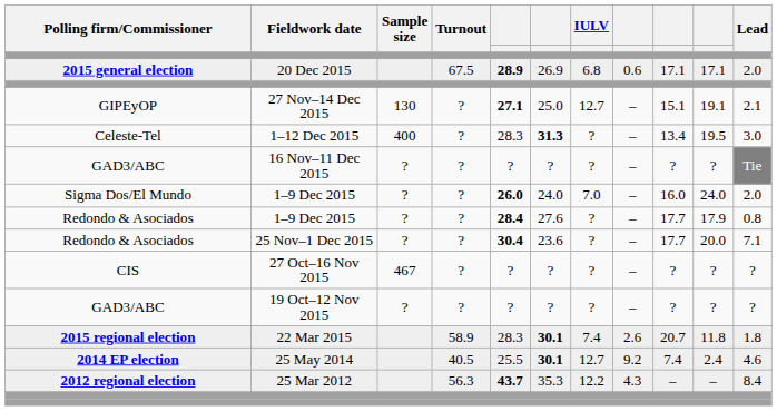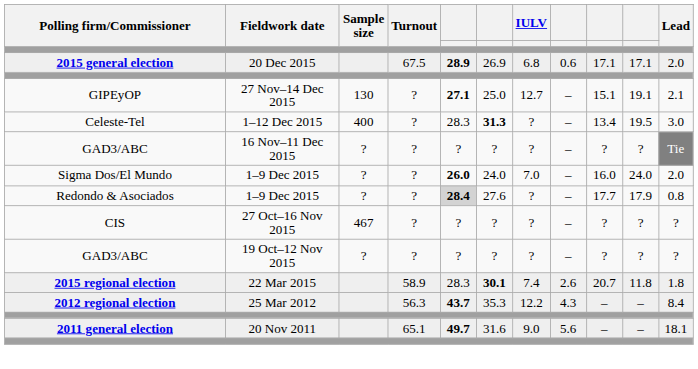 <table class="wikitable collapsible collapsed" style="text-align:center; font-size:95%; line-height:16px;">
 <tr style="height:42px; background-color:#E9E9E9">
 <th style="width:250px;" rowspan="2">Polling firm/Commissioner</th>
 <th style="width:125px;" rowspan="2">Fieldwork date</th>
 <th style="width:50px;" rowspan="2">Sample size</th>
 <th style="width:45px;" rowspan="2">Turnout</th>
 <th style="width:35px;"></th>
 <th style="width:35px;"></th>
 <th style="width:35px;"><a href='#'>IULV</a></th>
 <th style="width:35px;"></th>
 <th style="width:35px;"></th>
 <th style="width:35px;"></th>
 <th style="width:30px;" rowspan="2">Lead</th>
 </tr>
 <tr>
 <th style="color:inherit;background:"></th>
 <th style="color:inherit;background:"></th>
 <th style="color:inherit;background:"></th>
 <th style="color:inherit;background:"></th>
 <th style="color:inherit;background:"></th>
 <th style="color:inherit;background:"></th>
 </tr>
 <tr>
 <td colspan="11" style="background:#A0A0A0"></td>
 </tr>
 <tr style="background:#EFEFEF;">
 <td><strong><a href='#'>2015 general election</a></strong></td>
 <td>20 Dec 2015</td>
 <td></td>
 <td>67.5</td>
 <td><strong>28.9</strong><br></td>
 <td>26.9<br></td>
 <td>6.8<br></td>
 <td>0.6<br></td>
 <td>17.1<br></td>
 <td>17.1<br></td>
 <td style="background:">2.0</td>
 </tr>
 <tr>
 <td colspan="11" style="background:#A0A0A0"></td>
 </tr>
 <tr>
 <td>GIPEyOP</td>
 <td>27 Nov–14 Dec 2015</td>
 <td>130</td>
 <td>?</td>
 <td><strong>27.1</strong><br></td>
 <td>25.0<br></td>
 <td>12.7<br></td>
 <td>–</td>
 <td>15.1<br></td>
 <td>19.1<br></td>
 <td style="background:">2.1</td>
 </tr>
 <tr>
 <td>Celeste-Tel</td>
 <td>1–12 Dec 2015</td>
 <td>400</td>
 <td>?</td>
 <td>28.3<br></td>
 <td><strong>31.3</strong><br></td>
 <td>?<br></td>
 <td>–</td>
 <td>13.4<br></td>
 <td>19.5<br></td>
 <td style="background:">3.0</td>
 </tr>
 <tr>
 <td>GAD3/ABC</td>
 <td>16 Nov–11 Dec 2015</td>
 <td>?</td>
 <td>?</td>
 <td>?<br></td>
 <td>?<br></td>
 <td>?<br></td>
 <td>–</td>
 <td>?<br></td>
 <td>?<br></td>
 <td style="background:gray;color:white;">Tie</td>
 </tr>
 <tr>
 <td>Sigma Dos/El Mundo</td>
 <td>1–9 Dec 2015</td>
 <td>?</td>
 <td>?</td>
 <td><strong>26.0</strong><br></td>
 <td>24.0<br></td>
 <td>7.0<br></td>
 <td>–</td>
 <td>16.0<br></td>
 <td>24.0<br></td>
 <td style="background:">2.0</td>
 </tr>
 <tr>
 <td>Redondo & Asociados</td>
 <td>1–9 Dec 2015</td>
 <td>?</td>
 <td>?</td>
-<td><strong>28.4</strong><br></td>
+<td style="background: lightgrey;"><strong>28.4</strong><br></td>
 <td>27.6<br></td>
 <td>?<br></td>
 <td>–</td>
 <td>17.7<br></td>
 <td>17.9<br></td>
 <td style="background:">0.8</td>
-</tr>
-<tr>
-<td>Redondo & Asociados</td>
-<td>25 Nov–1 Dec 2015</td>
-<td>?</td>
-<td>?</td>
-<td><strong>30.4</strong><br></td>
-<td>23.6<br></td>
-<td>?<br></td>
-<td>–</td>
-<td>17.7<br></td>
-<td>20.0<br></td>
-<td style="background:">7.1</td>
 </tr>
 <tr>
 <td>CIS</td>
 <td>27 Oct–16 Nov 2015</td>
 <td>467</td>
 <td>?</td>
 <td>?<br></td>
 <td>?<br></td>
 <td>?<br></td>
 <td>–</td>
 <td>?<br></td>
 <td>?<br></td>
 <td style="background:">?</td>
 </tr>
 <tr>
 <td>GAD3/ABC</td>
 <td>19 Oct–12 Nov 2015</td>
 <td>?</td>
 <td>?</td>
 <td>?<br></td>
 <td>?<br></td>
 <td>?<br></td>
 <td>–</td>
 <td>?<br></td>
 <td>?<br></td>
 <td style="background:">?</td>
 </tr>
 <tr style="background:#EFEFEF;">
 <td><strong><a href='#'>2015 regional election</a></strong></td>
 <td>22 Mar 2015</td>
 <td></td>
 <td>58.9</td>
 <td>28.3<br></td>
 <td><strong>30.1</strong><br></td>
 <td>7.4<br></td>
 <td>2.6<br></td>
 <td>20.7<br></td>
 <td>11.8<br></td>
 <td style="background:">1.8</td>
 </tr>
 <tr style="background:#EFEFEF;">
-<td><strong><a href='#'>2014 EP election</a></strong></td>
-<td>25 May 2014</td>
-<td></td>
-<td>40.5</td>
-<td>25.5<br></td>
-<td><strong>30.1</strong><br></td>
-<td>12.7<br></td>
-<td>9.2<br></td>
-<td>7.4<br></td>
-<td>2.4<br></td>
-<td style="background:">4.6</td>
-</tr>
-<tr style="background:#EFEFEF;">
 <td><strong><a href='#'>2012 regional election</a></strong></td>
 <td>25 Mar 2012</td>
 <td></td>
 <td>56.3</td>
 <td><strong>43.7</strong><br></td>
 <td>35.3<br></td>
 <td>12.2<br></td>
 <td>4.3<br></td>
 <td>–</td>
 <td>–</td>
 <td style="background:">8.4</td>
 </tr>
 <tr>
 <td colspan="11" style="background:#A0A0A0"></td>
 </tr>
+<tr style="background:#EFEFEF;">
+<td><strong><a href='#'>2011 general election</a></strong></td>
+<td>20 Nov 2011</td>
+<td></td>
+<td>65.1</td>
+<td><strong>49.7</strong><br></td>
+<td>31.6<br></td>
+<td>9.0<br></td>
+<td>5.6<br></td>
+<td>–</td>
+<td>–</td>
+<td style="background:">18.1</td>
+</tr>
 <tr>
 <td colspan="11" style="background:#A0A0A0"></td>
 </tr>
 </table>
